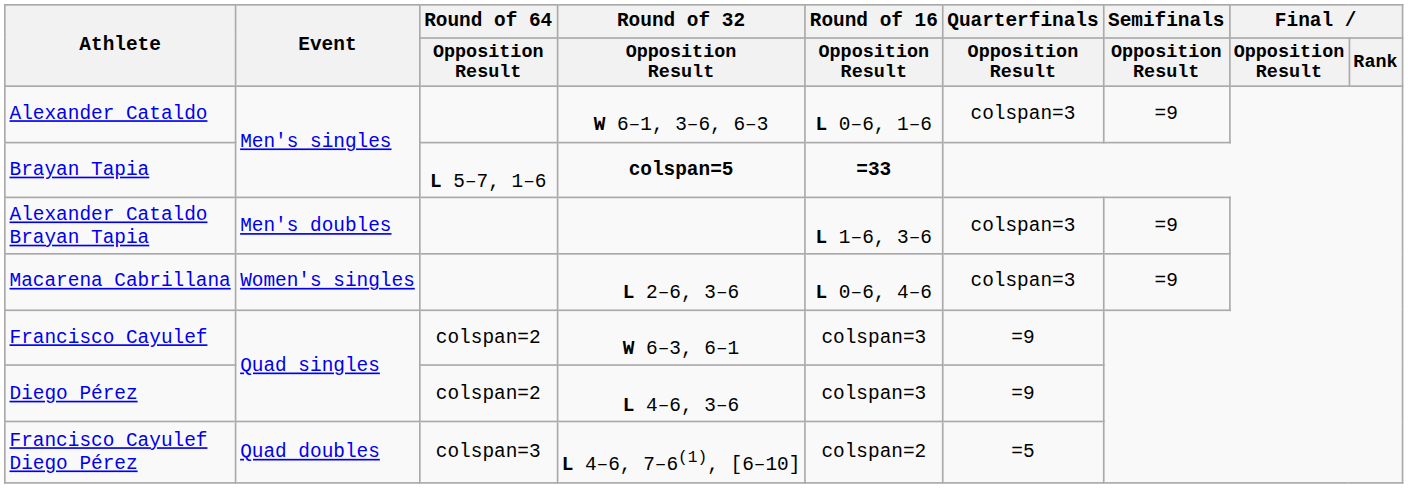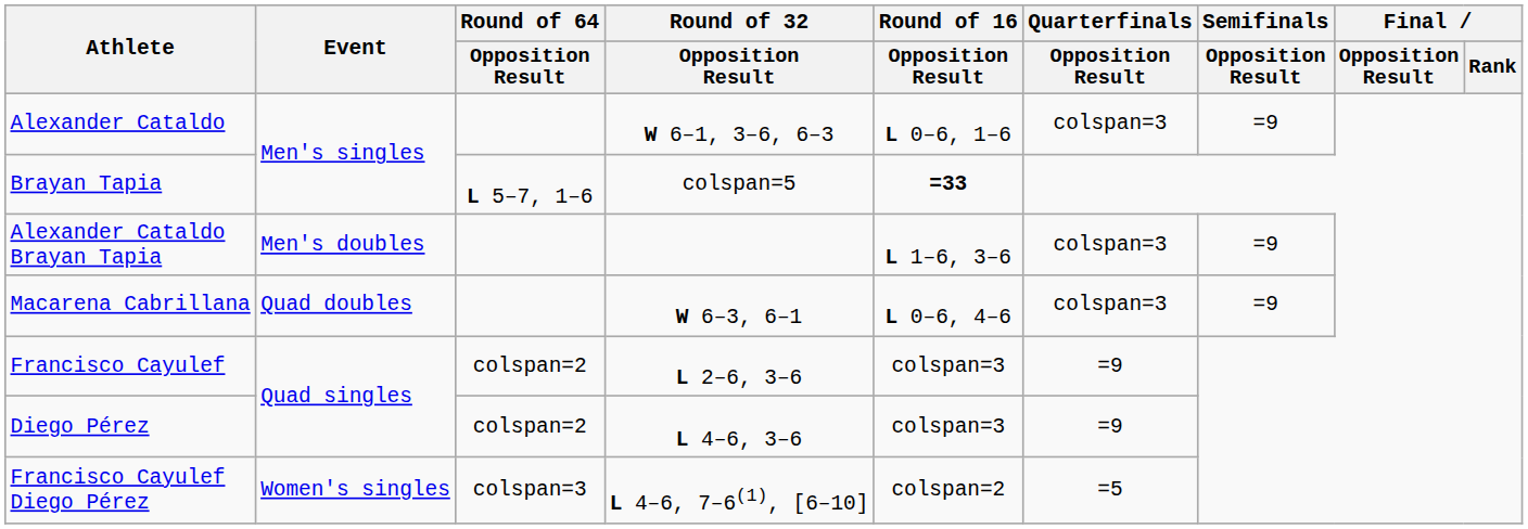 <table class="wikitable" style="font-size:90%;">
 <tr>
 <th rowspan=2>Athlete</th>
 <th rowspan=2>Event</th>
 <th>Round of 64</th>
 <th>Round of 32</th>
 <th>Round of 16</th>
 <th>Quarterfinals</th>
 <th>Semifinals</th>
 <th colspan=2>Final / </th>
 </tr>
 <tr style="font-size:95%">
 <th>Opposition<br>Result</th>
 <th>Opposition<br>Result</th>
 <th>Opposition<br>Result</th>
 <th>Opposition<br>Result</th>
 <th>Opposition<br>Result</th>
 <th>Opposition<br>Result</th>
 <th>Rank</th>
 </tr>
 <tr align=center>
 <td align=left><a href='#'>Alexander Cataldo</a></td>
 <td rowspan=2 align=left><a href='#'>Men's singles</a></td>
 <td></td>
 <td><br><strong>W</strong> 6–1, 3–6, 6–3</td>
 <td><br><strong>L</strong> 0–6, 1–6</td>
 <td>colspan=3 </td>
 <td>=9</td>
 </tr>
 <tr align=center>
 <td align=left><a href='#'>Brayan Tapia</a></td>
 <td><br><strong>L</strong> 5–7, 1–6</td>
-<td><strong>colspan=5 </strong></td>
+<td>colspan=5 </td>
 <td><strong>=33</strong></td>
 </tr>
 <tr align=center>
 <td align=left><a href='#'>Alexander Cataldo</a><br><a href='#'>Brayan Tapia</a></td>
 <td align=left><a href='#'>Men's doubles</a></td>
 <td></td>
 <td></td>
 <td><br><strong>L</strong> 1–6, 3–6</td>
 <td>colspan=3 </td>
 <td>=9</td>
 </tr>
 <tr align=center>
 <td align=left><a href='#'>Macarena Cabrillana</a></td>
-<td align=left><a href='#'>Women's singles</a></td>
+<td align=left><a href='#'>Quad doubles</a></td>
 <td></td>
-<td><br><strong>L</strong> 2–6, 3–6</td>
+<td><br><strong>W</strong> 6–3, 6–1</td>
 <td><br><strong>L</strong> 0–6, 4–6</td>
 <td>colspan=3 </td>
 <td>=9</td>
 </tr>
 <tr align=center>
 <td align=left><a href='#'>Francisco Cayulef</a></td>
 <td rowspan=2 align=left><a href='#'>Quad singles</a></td>
 <td>colspan=2</td>
-<td><br><strong>W</strong> 6–3, 6–1</td>
+<td><br><strong>L</strong> 2–6, 3–6</td>
 <td>colspan=3 </td>
 <td>=9</td>
 </tr>
 <tr align=center>
 <td align=left><a href='#'>Diego Pérez</a></td>
 <td>colspan=2</td>
 <td><br><strong>L</strong> 4–6, 3–6</td>
 <td>colspan=3 </td>
 <td>=9</td>
 </tr>
 <tr align=center>
 <td align=left><a href='#'>Francisco Cayulef</a><br><a href='#'>Diego Pérez</a></td>
-<td align=left><a href='#'>Quad doubles</a></td>
+<td align=left><a href='#'>Women's singles</a></td>
 <td>colspan=3</td>
 <td><br><strong>L</strong> 4–6, 7–6<sup>(1)</sup>, [6–10]</td>
 <td>colspan=2 </td>
 <td>=5</td>
 </tr>
 </table>
